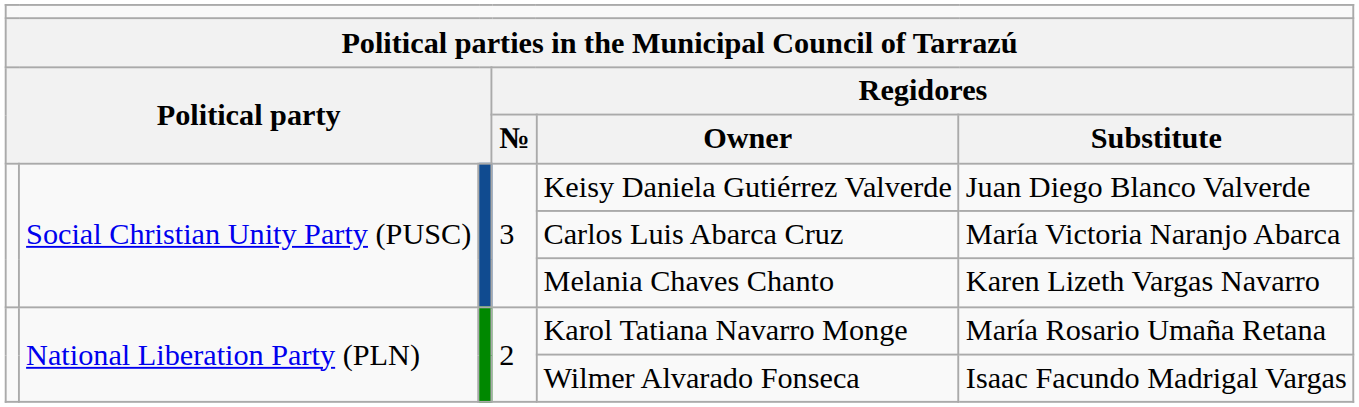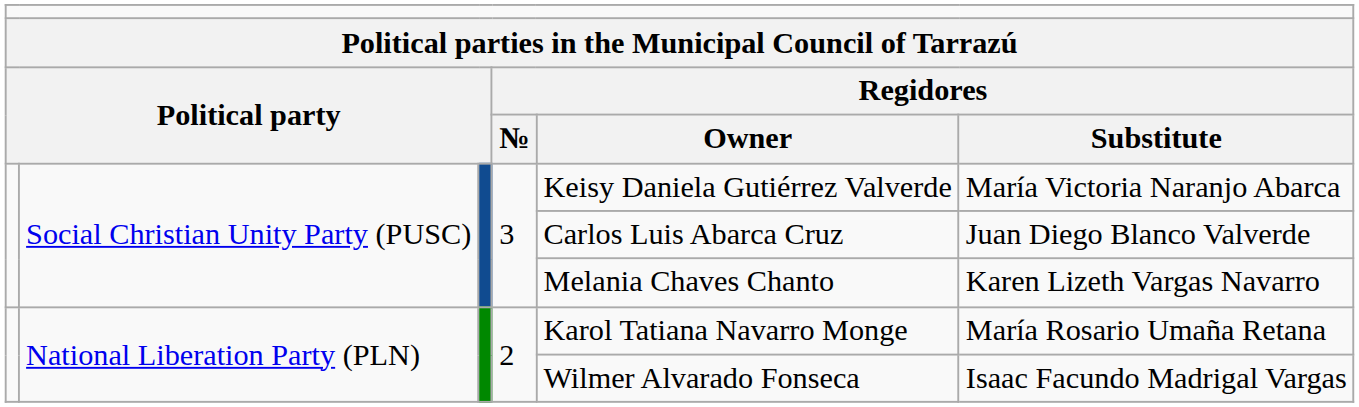 <table class="wikitable" border="1" style="margin:auto;">
 <tr>
 <td colspan="6"></td>
 </tr>
 <tr>
 <th colspan="6">Political parties in the Municipal Council of Tarrazú</th>
 </tr>
 <tr ---->
 <th colspan="3" rowspan="2">Political party</th>
 <th colspan="3">Regidores</th>
 </tr>
 <tr>
 <th>№</th>
 <th>Owner</th>
 <th>Substitute</th>
 </tr>
 <tr>
 <td rowspan="3"></td>
 <td rowspan="3"><a href='#'>Social Christian Unity Party</a> (PUSC)</td>
 <td rowspan="3" bgcolor="#104B90"></td>
 <td rowspan="3">3</td>
 <td>Keisy Daniela Gutiérrez Valverde</td>
-<td>Juan Diego Blanco Valverde</td>
+<td>María Victoria Naranjo Abarca</td>
 </tr>
 <tr>
 <td>Carlos Luis Abarca Cruz</td>
-<td>María Victoria Naranjo Abarca</td>
+<td>Juan Diego Blanco Valverde</td>
 </tr>
 <tr>
 <td>Melania Chaves Chanto</td>
 <td>Karen Lizeth Vargas Navarro</td>
 </tr>
 <tr>
 <td rowspan="2"></td>
 <td rowspan="2"><a href='#'>National Liberation Party</a> (PLN)</td>
 <td rowspan="2" bgcolor="#008800"></td>
 <td rowspan="2">2</td>
 <td>Karol Tatiana Navarro Monge</td>
 <td>María Rosario Umaña Retana</td>
 </tr>
 <tr>
 <td>Wilmer Alvarado Fonseca</td>
 <td>Isaac Facundo Madrigal Vargas</td>
 </tr>
 </table>
